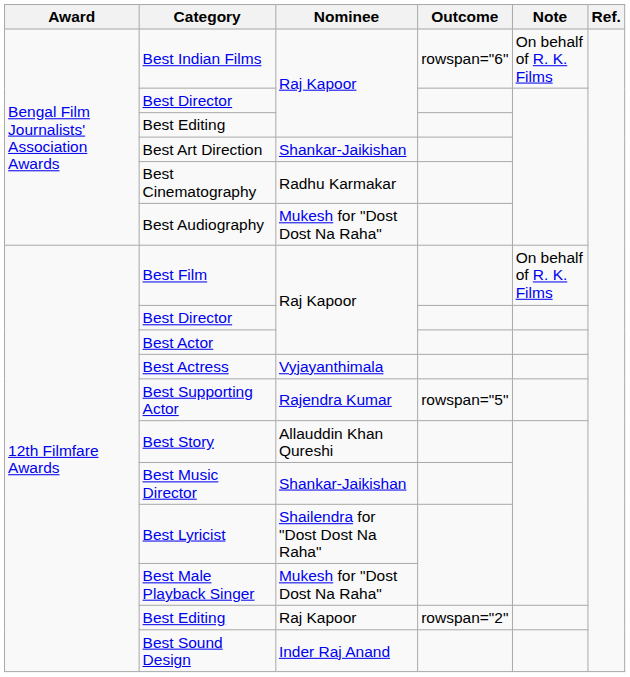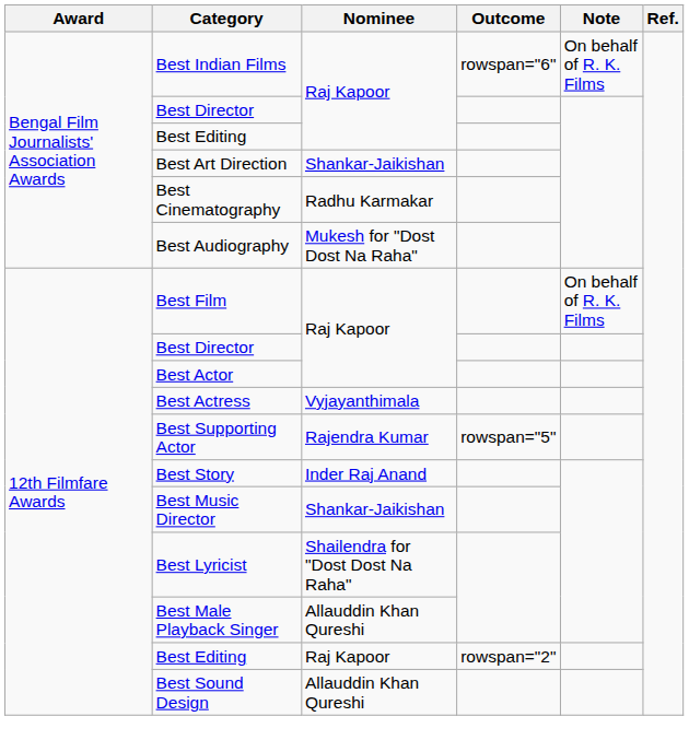 <table class="wikitable" style="font-size:95%;">
 <tr>
 <th>Award</th>
 <th>Category</th>
 <th>Nominee</th>
 <th>Outcome</th>
 <th>Note</th>
 <th>Ref.</th>
 </tr>
 <tr>
 <td rowspan="6"><a href='#'>Bengal Film Journalists' Association Awards</a></td>
 <td><a href='#'>Best Indian Films</a></td>
 <td rowspan="3"><a href='#'>Raj Kapoor</a></td>
 <td>rowspan="6" </td>
 <td>On behalf of <a href='#'>R. K. Films</a></td>
 <td rowspan="17"><br><br></td>
 </tr>
 <tr>
 <td><a href='#'>Best Director</a></td>
 <td></td>
 </tr>
 <tr>
 <td>Best Editing</td>
 <td></td>
 </tr>
 <tr>
 <td>Best Art Direction</td>
 <td><a href='#'>Shankar-Jaikishan</a></td>
 <td></td>
 </tr>
 <tr>
 <td>Best Cinematography</td>
 <td>Radhu Karmakar</td>
 <td></td>
 </tr>
 <tr>
 <td>Best Audiography</td>
 <td><a href='#'>Mukesh</a> for "Dost Dost Na Raha"</td>
 <td></td>
 </tr>
 <tr>
 <td rowspan="11"><a href='#'>12th Filmfare Awards</a></td>
 <td><a href='#'>Best Film</a></td>
 <td rowspan="3">Raj Kapoor</td>
 <td></td>
 <td>On behalf of <a href='#'>R. K. Films</a></td>
 </tr>
 <tr>
 <td><a href='#'>Best Director</a></td>
 <td></td>
 <td></td>
 </tr>
 <tr>
 <td><a href='#'>Best Actor</a></td>
 <td></td>
 <td></td>
 </tr>
 <tr>
 <td><a href='#'>Best Actress</a></td>
 <td><a href='#'>Vyjayanthimala</a></td>
 <td></td>
 <td></td>
 </tr>
 <tr>
 <td><a href='#'>Best Supporting Actor</a></td>
 <td><a href='#'>Rajendra Kumar</a></td>
 <td>rowspan="5" </td>
 <td></td>
 </tr>
 <tr>
 <td><a href='#'>Best Story</a></td>
-<td>Allauddin Khan Qureshi</td>
+<td><a href='#'>Inder Raj Anand</a></td>
 <td></td>
 </tr>
 <tr>
 <td><a href='#'>Best Music Director</a></td>
 <td><a href='#'>Shankar-Jaikishan</a></td>
 <td></td>
 </tr>
 <tr>
 <td><a href='#'>Best Lyricist</a></td>
 <td><a href='#'>Shailendra</a> for "Dost Dost Na Raha"</td>
 <td rowspan="2"></td>
 </tr>
 <tr>
 <td><a href='#'>Best Male Playback Singer</a></td>
-<td><a href='#'>Mukesh</a> for "Dost Dost Na Raha"</td>
+<td>Allauddin Khan Qureshi</td>
 </tr>
 <tr>
 <td><a href='#'>Best Editing</a></td>
 <td>Raj Kapoor</td>
 <td>rowspan="2" </td>
 <td></td>
 </tr>
 <tr>
 <td><a href='#'>Best Sound Design</a></td>
-<td><a href='#'>Inder Raj Anand</a></td>
+<td>Allauddin Khan Qureshi</td>
 <td></td>
 </tr>
 </table>
